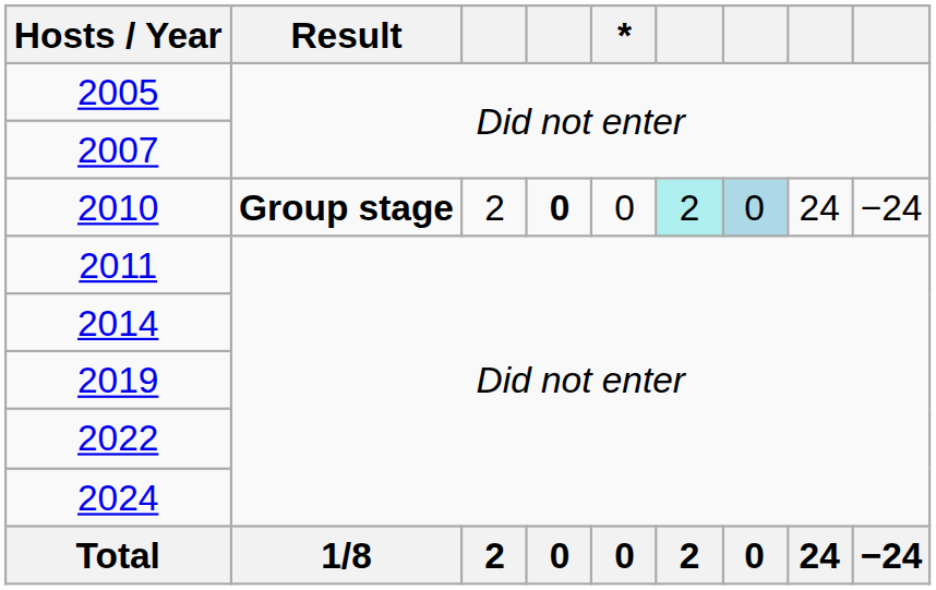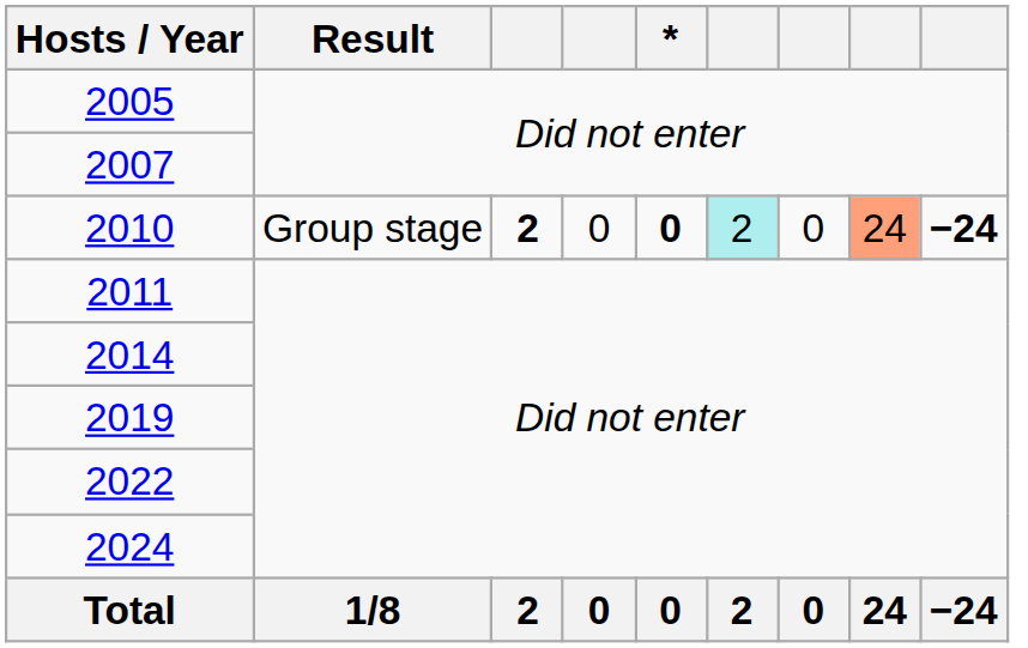 <table class="wikitable" style="text-align: center;font-size:95%;">
 <tr>
 <th>Hosts / Year</th>
 <th>Result</th>
 <th width=20></th>
 <th width=20></th>
 <th width=20>*</th>
 <th width=20></th>
 <th width=20></th>
 <th width=20></th>
 <th width=20></th>
 </tr>
 <tr>
 <td> <a href='#'>2005</a></td>
 <td colspan=8 rowspan=2><em>Did not enter</em></td>
 </tr>
 <tr>
 <td> <a href='#'>2007</a></td>
 </tr>
 <tr>
 <td> <a href='#'>2010</a></td>
-<td><strong>Group stage</strong></td>
-<td>2</td>
+<td>Group stage</td>
+<td><strong>2</strong></td>
+<td>0</td>
 <td><strong>0</strong></td>
+<td style="background: paleturquoise;">2</td>
 <td>0</td>
-<td style="background: paleturquoise;">2</td>
-<td style="background: lightblue;">0</td>
-<td>24</td>
-<td>−24</td>
+<td style="background: lightsalmon;">24</td>
+<td><strong>−24</strong></td>
 </tr>
 <tr>
 <td> <a href='#'>2011</a></td>
 <td colspan=8 rowspan=5><em>Did not enter</em></td>
 </tr>
 <tr>
 <td> <a href='#'>2014</a></td>
 </tr>
 <tr>
 <td> <a href='#'>2019</a></td>
 </tr>
 <tr>
 <td> <a href='#'>2022</a></td>
 </tr>
 <tr>
 <td> <a href='#'>2024</a></td>
 </tr>
 <tr>
 <th>Total</th>
 <th>1/8</th>
 <th>2</th>
 <th>0</th>
 <th>0</th>
 <th>2</th>
 <th>0</th>
 <th>24</th>
 <th>−24</th>
 </tr>
 </table>
